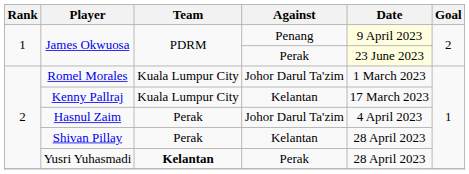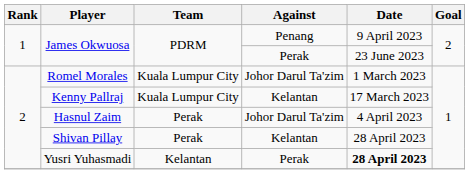 <table class="wikitable" style="text-align:center">
 <tr>
 <th>Rank</th>
 <th>Player</th>
 <th>Team</th>
 <th>Against</th>
 <th>Date</th>
 <th>Goal</th>
 </tr>
 <tr>
 <td rowspan=2>1</td>
 <td rowspan=2> <a href='#'>James Okwuosa</a></td>
 <td rowspan=2>PDRM</td>
 <td>Penang</td>
-<td style="background: lightyellow;">9 April 2023</td>
+<td>9 April 2023</td>
 <td rowspan=2>2</td>
 </tr>
 <tr>
 <td>Perak</td>
-<td style="background: lightyellow;">23 June 2023</td>
+<td>23 June 2023</td>
 </tr>
 <tr>
 <td rowspan=5>2</td>
 <td> <a href='#'>Romel Morales</a></td>
 <td>Kuala Lumpur City</td>
 <td>Johor Darul Ta'zim</td>
 <td>1 March 2023</td>
 <td rowspan=5>1</td>
 </tr>
 <tr>
 <td> <a href='#'>Kenny Pallraj</a></td>
 <td>Kuala Lumpur City</td>
 <td>Kelantan</td>
 <td>17 March 2023</td>
 </tr>
 <tr>
 <td> <a href='#'>Hasnul Zaim</a></td>
 <td>Perak</td>
 <td>Johor Darul Ta'zim</td>
 <td>4 April 2023</td>
 </tr>
 <tr>
 <td> <a href='#'>Shivan Pillay</a></td>
 <td>Perak</td>
 <td>Kelantan</td>
 <td>28 April 2023</td>
 </tr>
 <tr>
 <td> Yusri Yuhasmadi</td>
-<td><strong>Kelantan</strong></td>
+<td>Kelantan</td>
 <td>Perak</td>
-<td>28 April 2023</td>
+<td><strong>28 April 2023</strong></td>
 </tr>
 <tr>
 </tr>
 </table>
